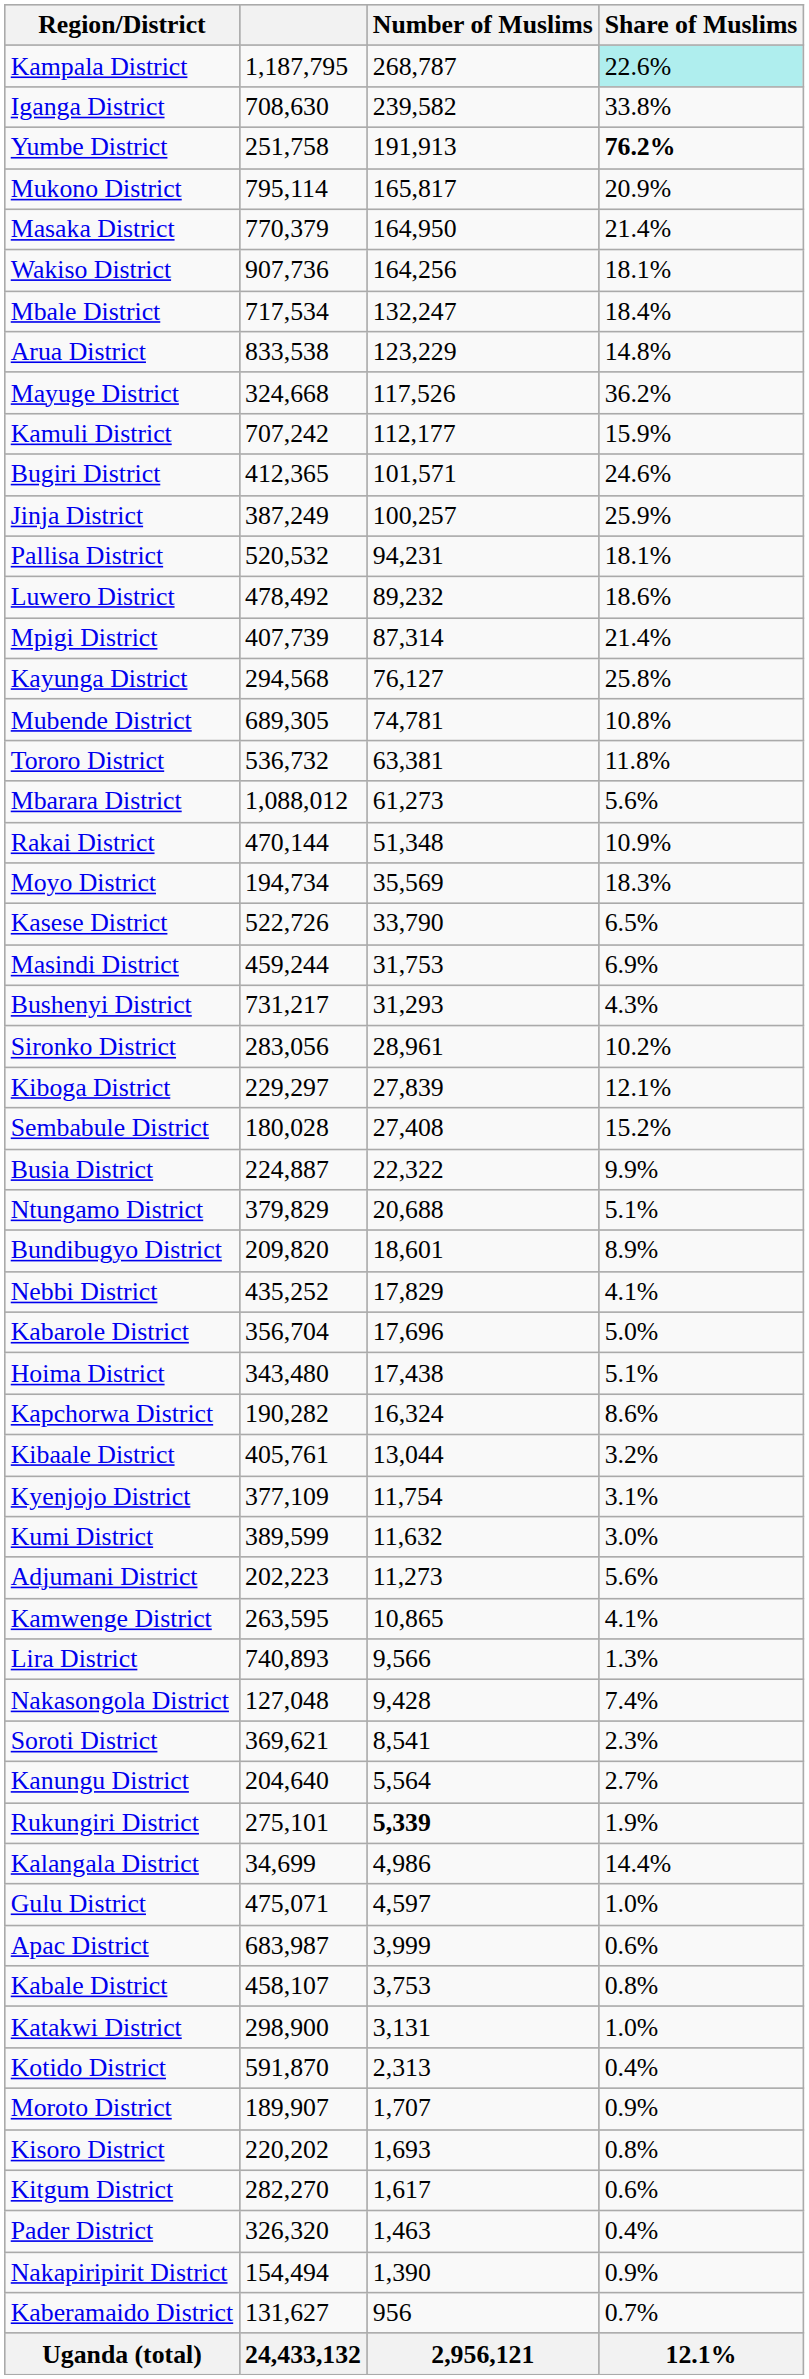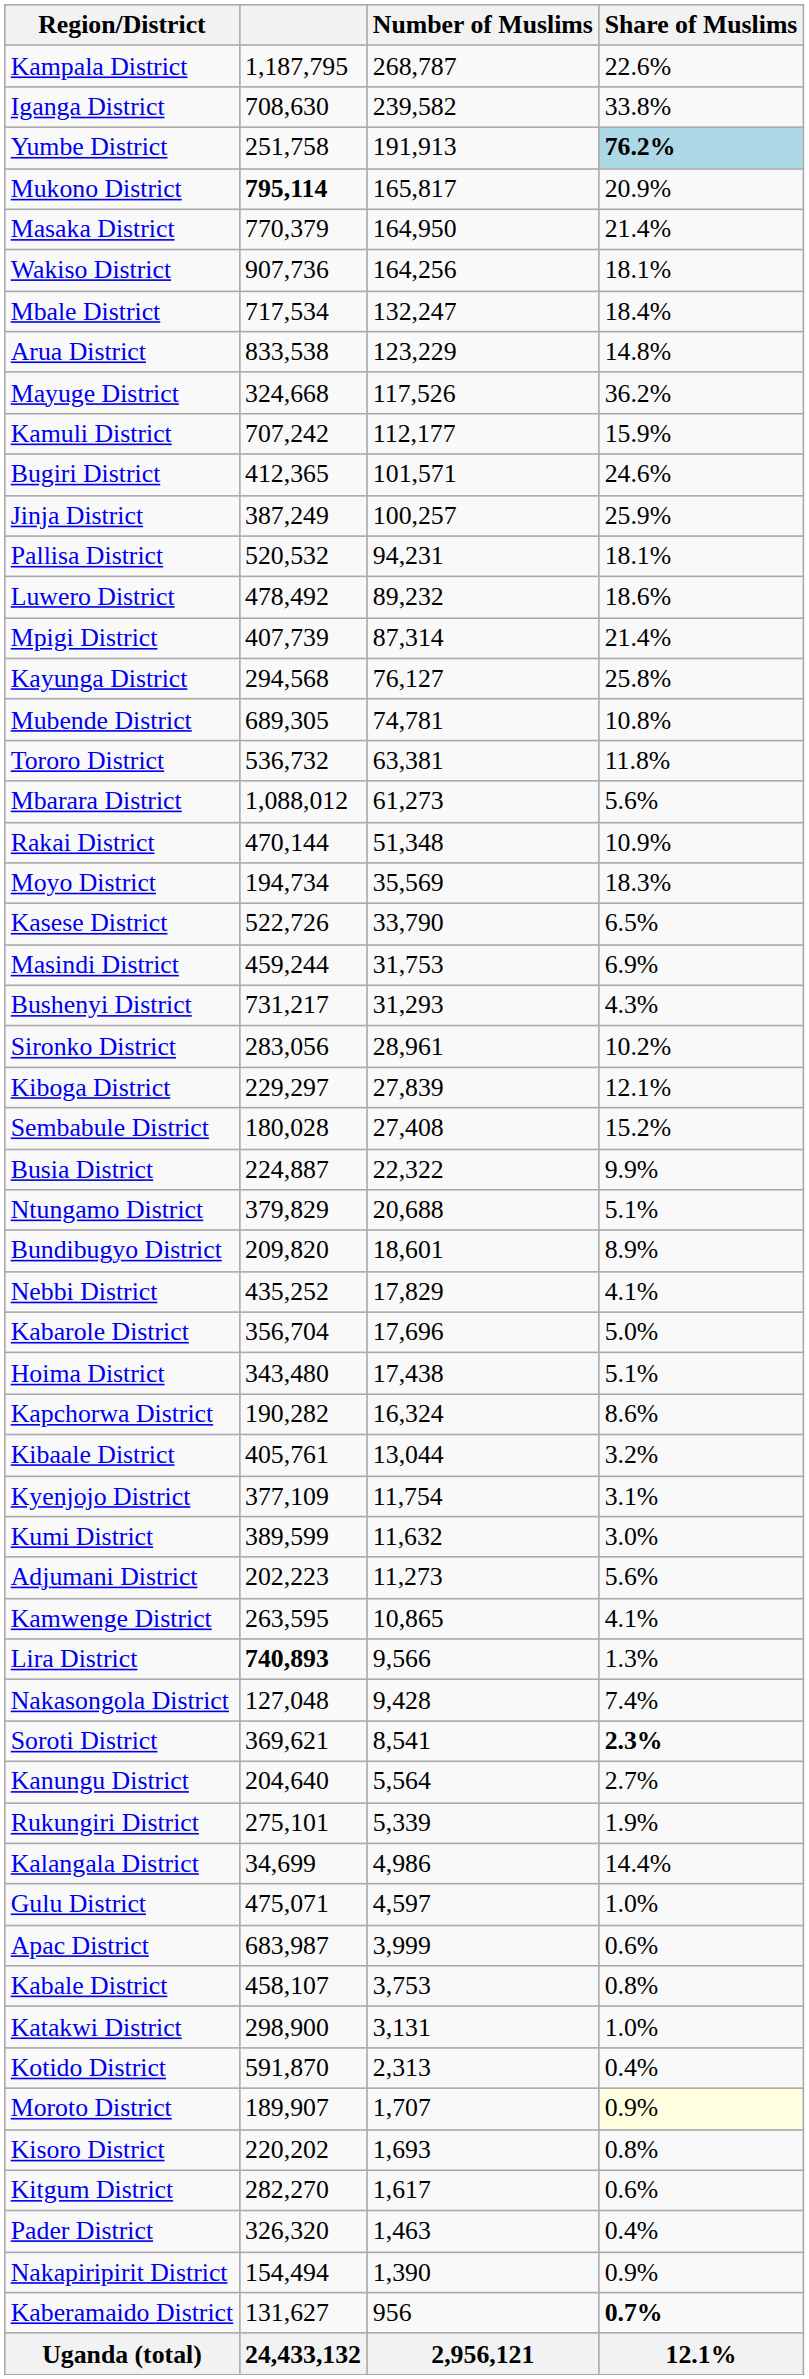 <table class="wikitable sortable">
 <tr>
 <th>Region/District</th>
 <th></th>
 <th>Number of Muslims</th>
 <th>Share of Muslims</th>
 </tr>
 <tr>
 <td><a href='#'>Kampala District</a></td>
 <td>1,187,795</td>
 <td>268,787</td>
-<td style="background: paleturquoise;">22.6%</td>
+<td>22.6%</td>
 </tr>
 <tr>
 <td><a href='#'>Iganga District</a></td>
 <td>708,630</td>
 <td>239,582</td>
 <td>33.8%</td>
 </tr>
 <tr>
 <td><a href='#'>Yumbe District</a></td>
 <td>251,758</td>
 <td>191,913</td>
-<td><strong>76.2%</strong></td>
+<td style="background: lightblue;"><strong>76.2%</strong></td>
 </tr>
 <tr>
 <td><a href='#'>Mukono District</a></td>
-<td>795,114</td>
+<td><strong>795,114</strong></td>
 <td>165,817</td>
 <td>20.9%</td>
 </tr>
 <tr>
 <td><a href='#'>Masaka District</a></td>
 <td>770,379</td>
 <td>164,950</td>
 <td>21.4%</td>
 </tr>
 <tr>
 <td><a href='#'>Wakiso District</a></td>
 <td>907,736</td>
 <td>164,256</td>
 <td>18.1%</td>
 </tr>
 <tr>
 <td><a href='#'>Mbale District</a></td>
 <td>717,534</td>
 <td>132,247</td>
 <td>18.4%</td>
 </tr>
 <tr>
 <td><a href='#'>Arua District</a></td>
 <td>833,538</td>
 <td>123,229</td>
 <td>14.8%</td>
 </tr>
 <tr>
 <td><a href='#'>Mayuge District</a></td>
 <td>324,668</td>
 <td>117,526</td>
 <td>36.2%</td>
 </tr>
 <tr>
 <td><a href='#'>Kamuli District</a></td>
 <td>707,242</td>
 <td>112,177</td>
 <td>15.9%</td>
 </tr>
 <tr>
 <td><a href='#'>Bugiri District</a></td>
 <td>412,365</td>
 <td>101,571</td>
 <td>24.6%</td>
 </tr>
 <tr>
 <td><a href='#'>Jinja District</a></td>
 <td>387,249</td>
 <td>100,257</td>
 <td>25.9%</td>
 </tr>
 <tr>
 <td><a href='#'>Pallisa District</a></td>
 <td>520,532</td>
 <td>94,231</td>
 <td>18.1%</td>
 </tr>
 <tr>
 <td><a href='#'>Luwero District</a></td>
 <td>478,492</td>
 <td>89,232</td>
 <td>18.6%</td>
 </tr>
 <tr>
 <td><a href='#'>Mpigi District</a></td>
 <td>407,739</td>
 <td>87,314</td>
 <td>21.4%</td>
 </tr>
 <tr>
 <td><a href='#'>Kayunga District</a></td>
 <td>294,568</td>
 <td>76,127</td>
 <td>25.8%</td>
 </tr>
 <tr>
 <td><a href='#'>Mubende District</a></td>
 <td>689,305</td>
 <td>74,781</td>
 <td>10.8%</td>
 </tr>
 <tr>
 <td><a href='#'>Tororo District</a></td>
 <td>536,732</td>
 <td>63,381</td>
 <td>11.8%</td>
 </tr>
 <tr>
 <td><a href='#'>Mbarara District</a></td>
 <td>1,088,012</td>
 <td>61,273</td>
 <td>5.6%</td>
 </tr>
 <tr>
 <td><a href='#'>Rakai District</a></td>
 <td>470,144</td>
 <td>51,348</td>
 <td>10.9%</td>
 </tr>
 <tr>
 <td><a href='#'>Moyo District</a></td>
 <td>194,734</td>
 <td>35,569</td>
 <td>18.3%</td>
 </tr>
 <tr>
 <td><a href='#'>Kasese District</a></td>
 <td>522,726</td>
 <td>33,790</td>
 <td>6.5%</td>
 </tr>
 <tr>
 <td><a href='#'>Masindi District</a></td>
 <td>459,244</td>
 <td>31,753</td>
 <td>6.9%</td>
 </tr>
 <tr>
 <td><a href='#'>Bushenyi District</a></td>
 <td>731,217</td>
 <td>31,293</td>
 <td>4.3%</td>
 </tr>
 <tr>
 <td><a href='#'>Sironko District</a></td>
 <td>283,056</td>
 <td>28,961</td>
 <td>10.2%</td>
 </tr>
 <tr>
 <td><a href='#'>Kiboga District</a></td>
 <td>229,297</td>
 <td>27,839</td>
 <td>12.1%</td>
 </tr>
 <tr>
 <td><a href='#'>Sembabule District</a></td>
 <td>180,028</td>
 <td>27,408</td>
 <td>15.2%</td>
 </tr>
 <tr>
 <td><a href='#'>Busia District</a></td>
 <td>224,887</td>
 <td>22,322</td>
 <td>9.9%</td>
 </tr>
 <tr>
 <td><a href='#'>Ntungamo District</a></td>
 <td>379,829</td>
 <td>20,688</td>
 <td>5.1%</td>
 </tr>
 <tr>
 <td><a href='#'>Bundibugyo District</a></td>
 <td>209,820</td>
 <td>18,601</td>
 <td>8.9%</td>
 </tr>
 <tr>
 <td><a href='#'>Nebbi District</a></td>
 <td>435,252</td>
 <td>17,829</td>
 <td>4.1%</td>
 </tr>
 <tr>
 <td><a href='#'>Kabarole District</a></td>
 <td>356,704</td>
 <td>17,696</td>
 <td>5.0%</td>
 </tr>
 <tr>
 <td><a href='#'>Hoima District</a></td>
 <td>343,480</td>
 <td>17,438</td>
 <td>5.1%</td>
 </tr>
 <tr>
 <td><a href='#'>Kapchorwa District</a></td>
 <td>190,282</td>
 <td>16,324</td>
 <td>8.6%</td>
 </tr>
 <tr>
 <td><a href='#'>Kibaale District</a></td>
 <td>405,761</td>
 <td>13,044</td>
 <td>3.2%</td>
 </tr>
 <tr>
 <td><a href='#'>Kyenjojo District</a></td>
 <td>377,109</td>
 <td>11,754</td>
 <td>3.1%</td>
 </tr>
 <tr>
 <td><a href='#'>Kumi District</a></td>
 <td>389,599</td>
 <td>11,632</td>
 <td>3.0%</td>
 </tr>
 <tr>
 <td><a href='#'>Adjumani District</a></td>
 <td>202,223</td>
 <td>11,273</td>
 <td>5.6%</td>
 </tr>
 <tr>
 <td><a href='#'>Kamwenge District</a></td>
 <td>263,595</td>
 <td>10,865</td>
 <td>4.1%</td>
 </tr>
 <tr>
 <td><a href='#'>Lira District</a></td>
-<td>740,893</td>
+<td><strong>740,893</strong></td>
 <td>9,566</td>
 <td>1.3%</td>
 </tr>
 <tr>
 <td><a href='#'>Nakasongola District</a></td>
 <td>127,048</td>
 <td>9,428</td>
 <td>7.4%</td>
 </tr>
 <tr>
 <td><a href='#'>Soroti District</a></td>
 <td>369,621</td>
 <td>8,541</td>
-<td>2.3%</td>
+<td><strong>2.3%</strong></td>
 </tr>
 <tr>
 <td><a href='#'>Kanungu District</a></td>
 <td>204,640</td>
 <td>5,564</td>
 <td>2.7%</td>
 </tr>
 <tr>
 <td><a href='#'>Rukungiri District</a></td>
 <td>275,101</td>
-<td><strong>5,339</strong></td>
+<td>5,339</td>
 <td>1.9%</td>
 </tr>
 <tr>
 <td><a href='#'>Kalangala District</a></td>
 <td>34,699</td>
 <td>4,986</td>
 <td>14.4%</td>
 </tr>
 <tr>
 <td><a href='#'>Gulu District</a></td>
 <td>475,071</td>
 <td>4,597</td>
 <td>1.0%</td>
 </tr>
 <tr>
 <td><a href='#'>Apac District</a></td>
 <td>683,987</td>
 <td>3,999</td>
 <td>0.6%</td>
 </tr>
 <tr>
 <td><a href='#'>Kabale District</a></td>
 <td>458,107</td>
 <td>3,753</td>
 <td>0.8%</td>
 </tr>
 <tr>
 <td><a href='#'>Katakwi District</a></td>
 <td>298,900</td>
 <td>3,131</td>
 <td>1.0%</td>
 </tr>
 <tr>
 <td><a href='#'>Kotido District</a></td>
 <td>591,870</td>
 <td>2,313</td>
 <td>0.4%</td>
 </tr>
 <tr>
 <td><a href='#'>Moroto District</a></td>
 <td>189,907</td>
 <td>1,707</td>
-<td>0.9%</td>
+<td style="background: lightyellow;">0.9%</td>
 </tr>
 <tr>
 <td><a href='#'>Kisoro District</a></td>
 <td>220,202</td>
 <td>1,693</td>
 <td>0.8%</td>
 </tr>
 <tr>
 <td><a href='#'>Kitgum District</a></td>
 <td>282,270</td>
 <td>1,617</td>
 <td>0.6%</td>
 </tr>
 <tr>
 <td><a href='#'>Pader District</a></td>
 <td>326,320</td>
 <td>1,463</td>
 <td>0.4%</td>
 </tr>
 <tr>
 <td><a href='#'>Nakapiripirit District</a></td>
 <td>154,494</td>
 <td>1,390</td>
 <td>0.9%</td>
 </tr>
 <tr>
 <td><a href='#'>Kaberamaido District</a></td>
 <td>131,627</td>
 <td>956</td>
-<td>0.7%</td>
+<td><strong>0.7%</strong></td>
 </tr>
 <tr>
 <th>Uganda (total)</th>
 <th>24,433,132</th>
 <th>2,956,121</th>
 <th>12.1%</th>
 </tr>
 </table>
